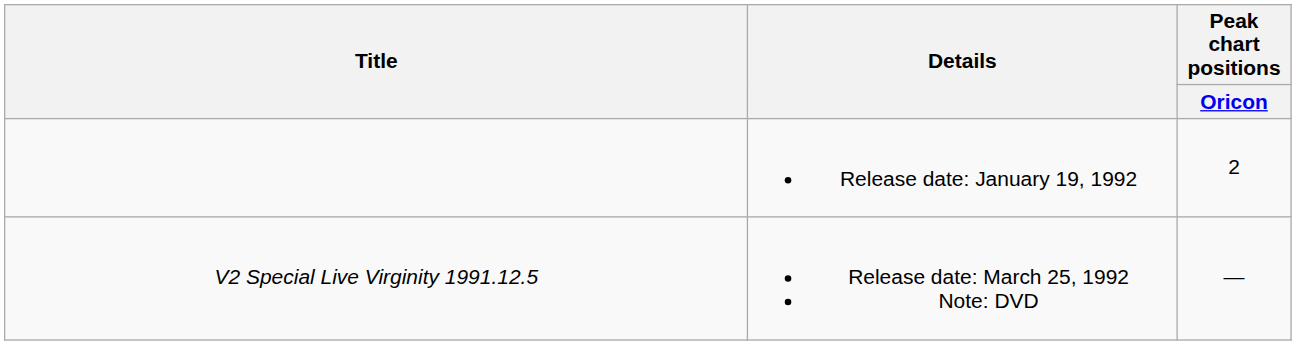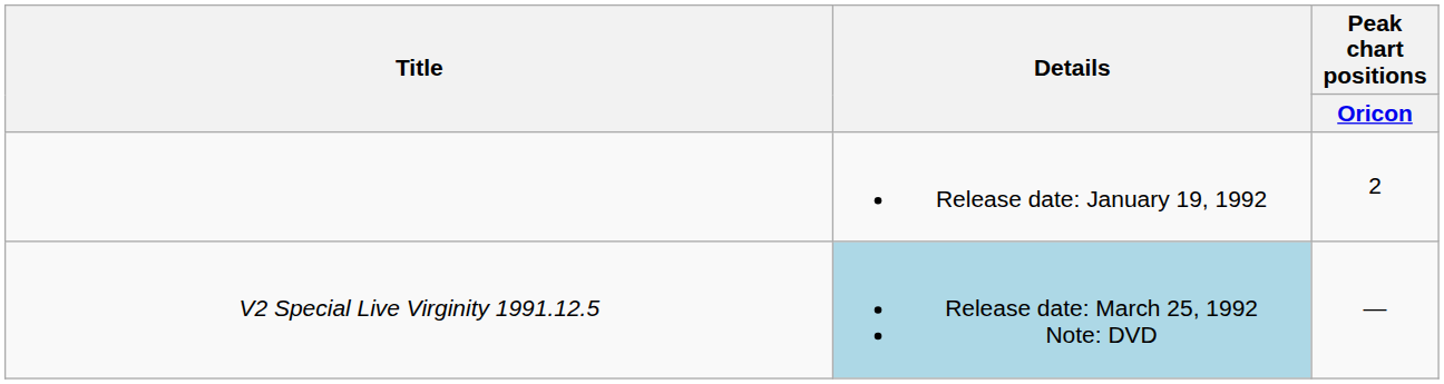 <table class="wikitable plainrowheaders" style="text-align:center;">
 <tr>
 <th rowspan="2" style="width:35em;">Title</th>
 <th rowspan="2" style="width:20em;">Details</th>
 <th style="width:5em;">Peak chart<br> positions</th>
 </tr>
 <tr>
 <th><a href='#'>Oricon</a></th>
 </tr>
 <tr>
 <td></td>
 <td><br><ul><li>Release date: January 19, 1992</li></ul></td>
 <td>2</td>
 </tr>
 <tr>
 <td><em>V2 Special Live Virginity 1991.12.5</em></td>
-<td><br><ul><li>Release date: March 25, 1992</li><li>Note: DVD</li></ul></td>
+<td style="background: lightblue;"><br><ul><li>Release date: March 25, 1992</li><li>Note: DVD</li></ul></td>
 <td>—</td>
 </tr>
 </table>
